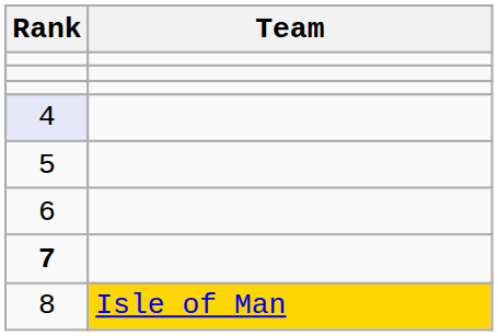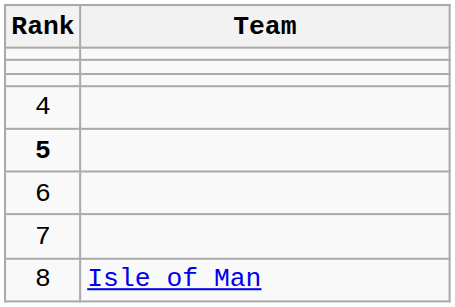 <table class="wikitable" style="text-align:center;">
 <tr>
 <th>Rank</th>
 <th width=175>Team</th>
 </tr>
 <tr>
 <td></td>
 <td align=left></td>
 </tr>
 <tr>
 <td></td>
 <td align=left></td>
 </tr>
 <tr>
 <td></td>
 <td align=left></td>
 </tr>
 <tr>
-<td style="background: lavender;">4</td>
+<td>4</td>
 <td align=left></td>
 </tr>
 <tr>
-<td>5</td>
+<td><strong>5</strong></td>
 <td align=left></td>
 </tr>
 <tr>
 <td>6</td>
 <td align=left></td>
 </tr>
 <tr>
-<td><strong>7</strong></td>
+<td>7</td>
 <td align=left></td>
 </tr>
 <tr>
 <td>8</td>
-<td align=left style="background: gold;"> <a href='#'>Isle of Man</a></td>
+<td align=left> <a href='#'>Isle of Man</a></td>
 </tr>
 </table>
